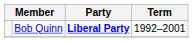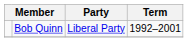 <table class="wikitable">
 <tr>
 <th colspan="2">Member</th>
 <th>Party</th>
 <th>Term</th>
 </tr>
 <tr>
 <td> </td>
 <td><a href='#'>Bob Quinn</a></td>
-<td><strong><a href='#'>Liberal Party</a></strong></td>
+<td><a href='#'>Liberal Party</a></td>
 <td>1992–2001</td>
 </tr>
 <tr>
 </tr>
 </table>
